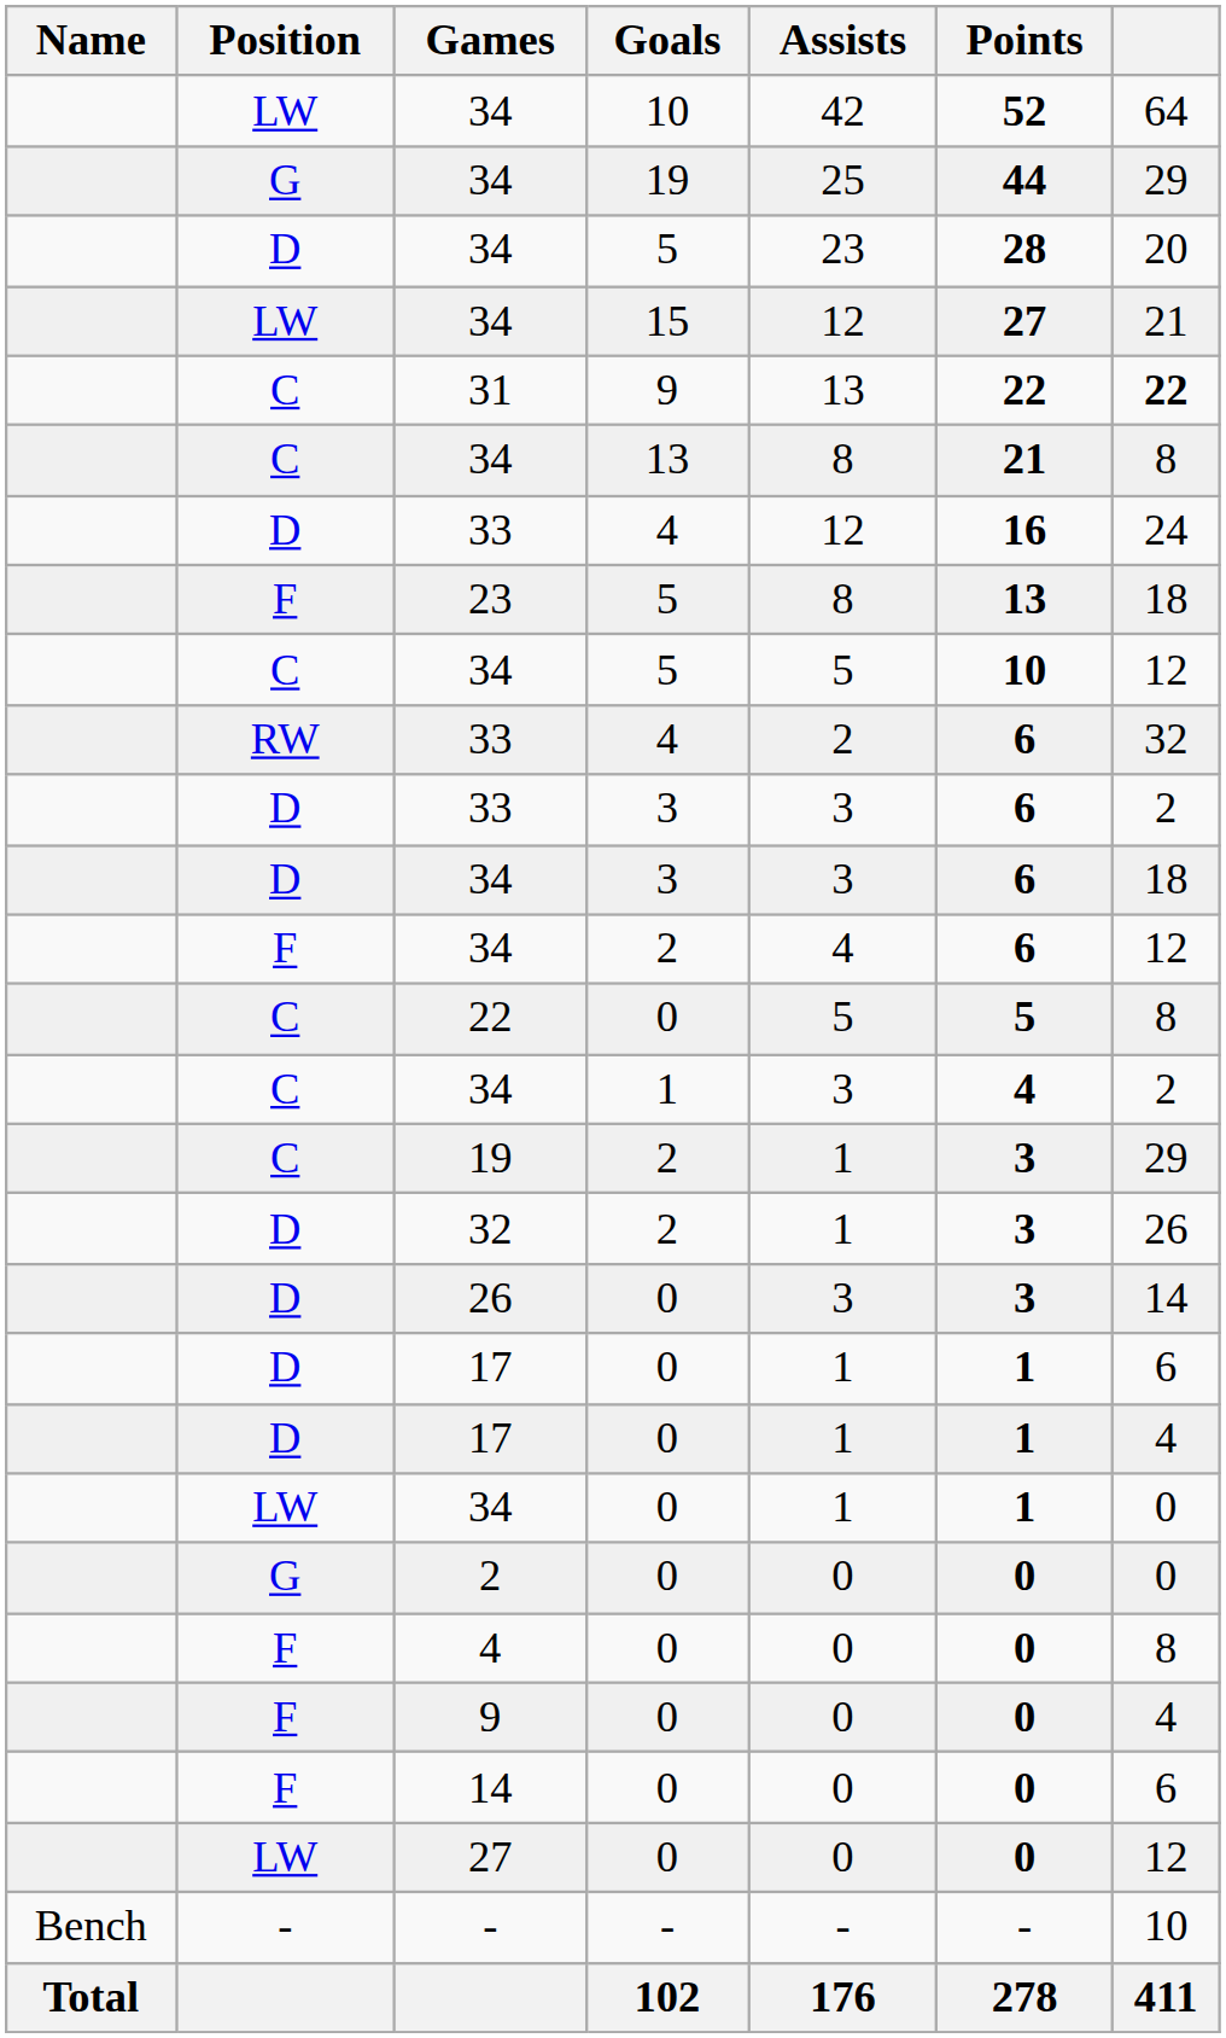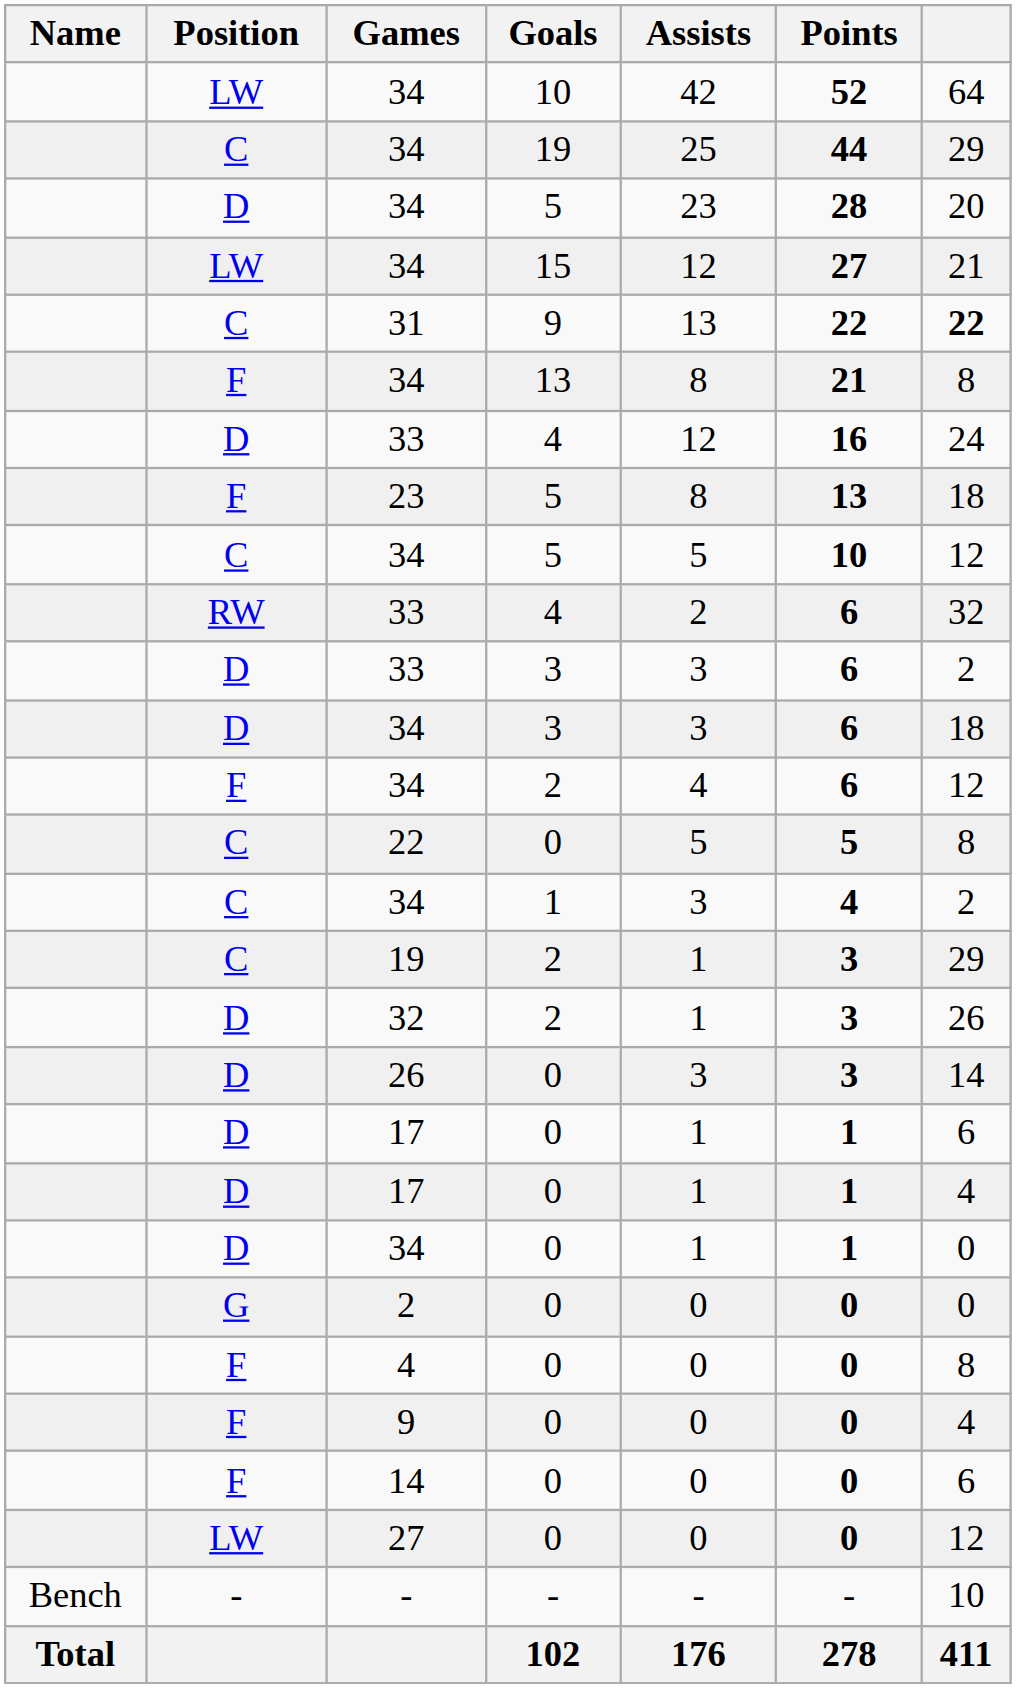 <table class="wikitable sortable" width ="50%">
 <tr align="center">
 <th>Name</th>
 <th>Position</th>
 <th>Games</th>
 <th>Goals</th>
 <th>Assists</th>
 <th>Points</th>
 <th><a href='#'></a></th>
 </tr>
 <tr align="center" bgcolor="">
 <td></td>
 <td><a href='#'>LW</a></td>
 <td>34</td>
 <td>10</td>
 <td>42</td>
 <td><strong>52</strong></td>
 <td>64</td>
 </tr>
 <tr align="center" bgcolor="f0f0f0">
 <td></td>
-<td><a href='#'>G</a></td>
+<td><a href='#'>C</a></td>
 <td>34</td>
 <td>19</td>
 <td>25</td>
 <td><strong>44</strong></td>
 <td>29</td>
 </tr>
 <tr align="center" bgcolor="">
 <td></td>
 <td><a href='#'>D</a></td>
 <td>34</td>
 <td>5</td>
 <td>23</td>
 <td><strong>28</strong></td>
 <td>20</td>
 </tr>
 <tr align="center" bgcolor="f0f0f0">
 <td></td>
 <td><a href='#'>LW</a></td>
 <td>34</td>
 <td>15</td>
 <td>12</td>
 <td><strong>27</strong></td>
 <td>21</td>
 </tr>
 <tr align="center" bgcolor="">
 <td></td>
 <td><a href='#'>C</a></td>
 <td>31</td>
 <td>9</td>
 <td>13</td>
 <td><strong>22</strong></td>
 <td><strong>22</strong></td>
 </tr>
 <tr align="center" bgcolor="f0f0f0">
 <td></td>
-<td><a href='#'>C</a></td>
+<td><a href='#'>F</a></td>
 <td>34</td>
 <td>13</td>
 <td>8</td>
 <td><strong>21</strong></td>
 <td>8</td>
 </tr>
 <tr align="center" bgcolor="">
 <td></td>
 <td><a href='#'>D</a></td>
 <td>33</td>
 <td>4</td>
 <td>12</td>
 <td><strong>16</strong></td>
 <td>24</td>
 </tr>
 <tr align="center" bgcolor="f0f0f0">
 <td></td>
 <td><a href='#'>F</a></td>
 <td>23</td>
 <td>5</td>
 <td>8</td>
 <td><strong>13</strong></td>
 <td>18</td>
 </tr>
 <tr align="center" bgcolor="">
 <td></td>
 <td><a href='#'>C</a></td>
 <td>34</td>
 <td>5</td>
 <td>5</td>
 <td><strong>10</strong></td>
 <td>12</td>
 </tr>
 <tr align="center" bgcolor="f0f0f0">
 <td></td>
 <td><a href='#'>RW</a></td>
 <td>33</td>
 <td>4</td>
 <td>2</td>
 <td><strong>6</strong></td>
 <td>32</td>
 </tr>
 <tr align="center" bgcolor="">
 <td></td>
 <td><a href='#'>D</a></td>
 <td>33</td>
 <td>3</td>
 <td>3</td>
 <td><strong>6</strong></td>
 <td>2</td>
 </tr>
 <tr align="center" bgcolor="f0f0f0">
 <td></td>
 <td><a href='#'>D</a></td>
 <td>34</td>
 <td>3</td>
 <td>3</td>
 <td><strong>6</strong></td>
 <td>18</td>
 </tr>
 <tr align="center" bgcolor="">
 <td></td>
 <td><a href='#'>F</a></td>
 <td>34</td>
 <td>2</td>
 <td>4</td>
 <td><strong>6</strong></td>
 <td>12</td>
 </tr>
 <tr align="center" bgcolor="f0f0f0">
 <td></td>
 <td><a href='#'>C</a></td>
 <td>22</td>
 <td>0</td>
 <td>5</td>
 <td><strong>5</strong></td>
 <td>8</td>
 </tr>
 <tr align="center" bgcolor="">
 <td></td>
 <td><a href='#'>C</a></td>
 <td>34</td>
 <td>1</td>
 <td>3</td>
 <td><strong>4</strong></td>
 <td>2</td>
 </tr>
 <tr align="center" bgcolor="f0f0f0">
 <td></td>
 <td><a href='#'>C</a></td>
 <td>19</td>
 <td>2</td>
 <td>1</td>
 <td><strong>3</strong></td>
 <td>29</td>
 </tr>
 <tr align="center" bgcolor="">
 <td></td>
 <td><a href='#'>D</a></td>
 <td>32</td>
 <td>2</td>
 <td>1</td>
 <td><strong>3</strong></td>
 <td>26</td>
 </tr>
 <tr align="center" bgcolor="f0f0f0">
 <td></td>
 <td><a href='#'>D</a></td>
 <td>26</td>
 <td>0</td>
 <td>3</td>
 <td><strong>3</strong></td>
 <td>14</td>
 </tr>
 <tr align="center" bgcolor="">
 <td></td>
 <td><a href='#'>D</a></td>
 <td>17</td>
 <td>0</td>
 <td>1</td>
 <td><strong>1</strong></td>
 <td>6</td>
 </tr>
 <tr align="center" bgcolor="f0f0f0">
 <td></td>
 <td><a href='#'>D</a></td>
 <td>17</td>
 <td>0</td>
 <td>1</td>
 <td><strong>1</strong></td>
 <td>4</td>
 </tr>
 <tr align="center" bgcolor="">
 <td></td>
-<td><a href='#'>LW</a></td>
+<td><a href='#'>D</a></td>
 <td>34</td>
 <td>0</td>
 <td>1</td>
 <td><strong>1</strong></td>
 <td>0</td>
 </tr>
 <tr align="center" bgcolor="f0f0f0">
 <td></td>
 <td><a href='#'>G</a></td>
 <td>2</td>
 <td>0</td>
 <td>0</td>
 <td><strong>0</strong></td>
 <td>0</td>
 </tr>
 <tr align="center" bgcolor="">
 <td></td>
 <td><a href='#'>F</a></td>
 <td>4</td>
 <td>0</td>
 <td>0</td>
 <td><strong>0</strong></td>
 <td>8</td>
 </tr>
 <tr align="center" bgcolor="f0f0f0">
 <td></td>
 <td><a href='#'>F</a></td>
 <td>9</td>
 <td>0</td>
 <td>0</td>
 <td><strong>0</strong></td>
 <td>4</td>
 </tr>
 <tr align="center" bgcolor="">
 <td></td>
 <td><a href='#'>F</a></td>
 <td>14</td>
 <td>0</td>
 <td>0</td>
 <td><strong>0</strong></td>
 <td>6</td>
 </tr>
 <tr align="center" bgcolor="f0f0f0">
 <td></td>
 <td><a href='#'>LW</a></td>
 <td>27</td>
 <td>0</td>
 <td>0</td>
 <td><strong>0</strong></td>
 <td>12</td>
 </tr>
 <tr align="center" bgcolor="">
 <td>Bench</td>
 <td>-</td>
 <td>-</td>
 <td>-</td>
 <td>-</td>
 <td>-</td>
 <td>10</td>
 </tr>
 <tr>
 <th>Total</th>
 <th></th>
 <th></th>
 <th>102</th>
 <th>176</th>
 <th>278</th>
 <th>411</th>
 </tr>
 </table>
